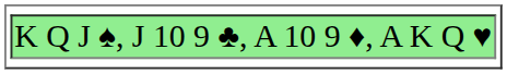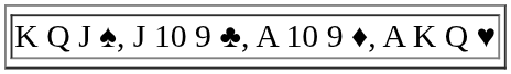 <table border="1" | thumb "centre" |>
 <tr ---->
 </tr>
 <tr ---->
-<td style="background: lightgreen;">K Q J ♠, J 10 9 ♣, A 10 9 <span>♦</span>, A K Q <span>♥</span></td>
+<td>K Q J ♠, J 10 9 ♣, A 10 9 <span>♦</span>, A K Q <span>♥</span></td>
 </tr>
 <tr ---->
 </tr>
 </table>
